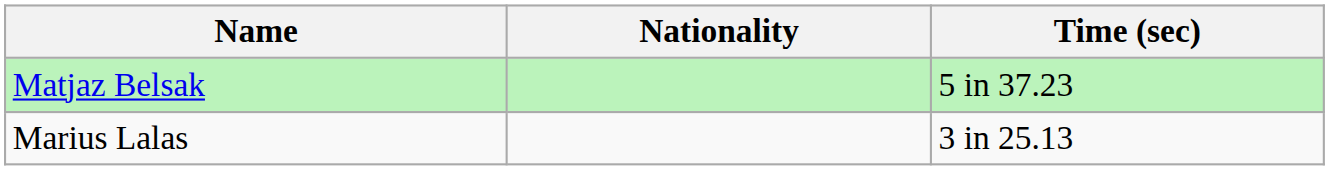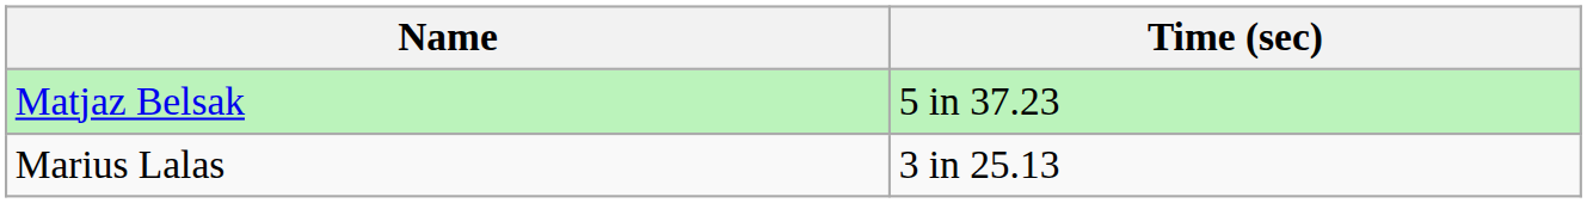 <table class="wikitable" style="display: inline-table;width: 50%;">
 <tr>
 <th>Name</th>
-<th>Nationality</th>
 <th>Time (sec)</th>
 </tr>
 <tr bgcolor=bbf3bb>
 <td><a href='#'>Matjaz Belsak</a></td>
-<td></td>
 <td>5 in 37.23</td>
 </tr>
 <tr>
 <td>Marius Lalas</td>
-<td></td>
 <td>3 in 25.13</td>
 </tr>
 </table>
